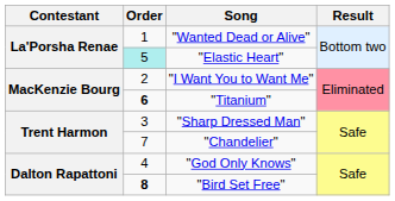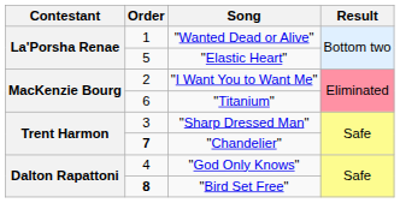 <table class="wikitable unsortable" style="text-align:center;">
 <tr>
 <th scope="col">Contestant</th>
 <th scope="col">Order</th>
 <th scope="col">Song</th>
 <th scope="col">Result</th>
 </tr>
 <tr>
 <th scope="row" rowspan="2">La'Porsha Renae</th>
 <td>1</td>
 <td>"<a href='#'>Wanted Dead or Alive</a>"</td>
 <td rowspan="2" bgcolor="E0F0FF">Bottom two</td>
 </tr>
 <tr>
-<td style="background: paleturquoise;">5</td>
+<td>5</td>
 <td>"<a href='#'>Elastic Heart</a>"</td>
 </tr>
 <tr>
 <th scope="row" rowspan="2">MacKenzie Bourg</th>
 <td>2</td>
 <td>"<a href='#'>I Want You to Want Me</a>"</td>
 <td rowspan="2" bgcolor="FF91A4">Eliminated</td>
 </tr>
 <tr>
-<td><strong>6</strong></td>
+<td>6</td>
 <td>"<a href='#'>Titanium</a>"</td>
 </tr>
 <tr>
 <th scope="row" rowspan="2">Trent Harmon</th>
 <td>3</td>
 <td>"<a href='#'>Sharp Dressed Man</a>"</td>
 <td rowspan="2" style="background:#FDFC8F">Safe</td>
 </tr>
 <tr>
-<td>7</td>
+<td><strong>7</strong></td>
 <td>"<a href='#'>Chandelier</a>"</td>
 </tr>
 <tr>
 <th scope="row" rowspan="2">Dalton Rapattoni</th>
 <td>4</td>
 <td>"<a href='#'>God Only Knows</a>"</td>
 <td rowspan="2" style="background:#FDFC8F">Safe</td>
 </tr>
 <tr>
 <td><strong>8</strong></td>
 <td>"<a href='#'>Bird Set Free</a>"</td>
 </tr>
 </table>
